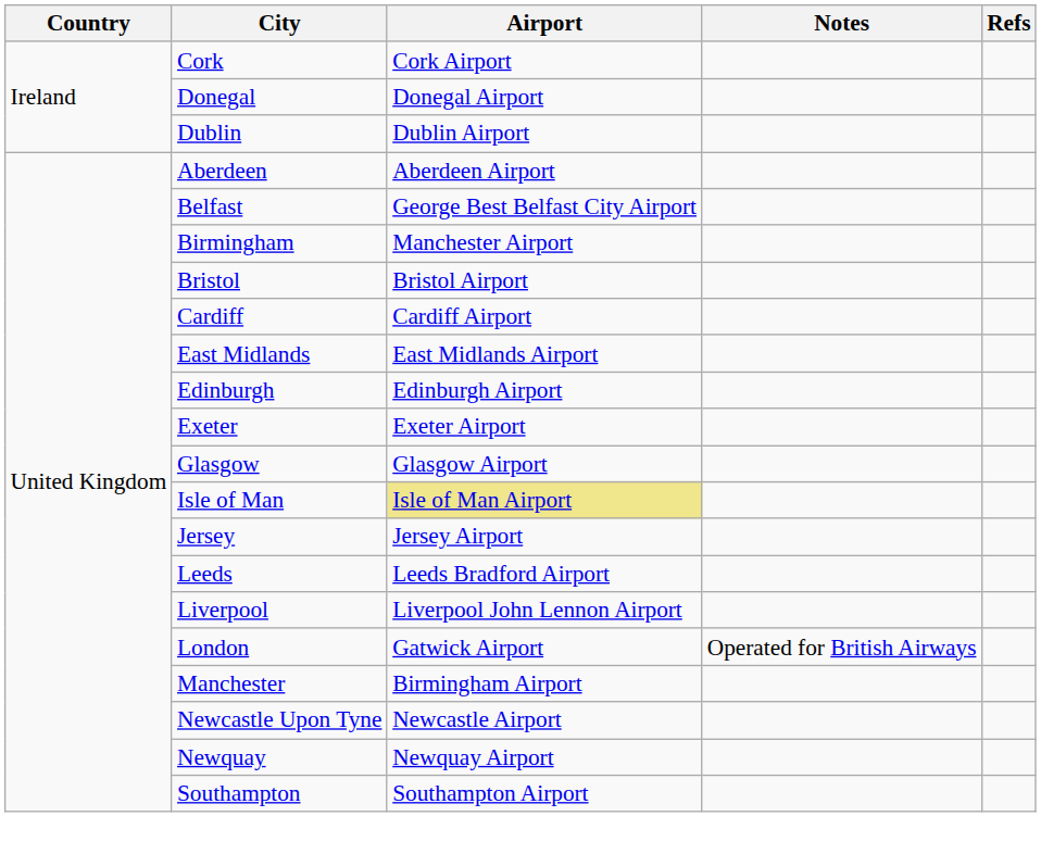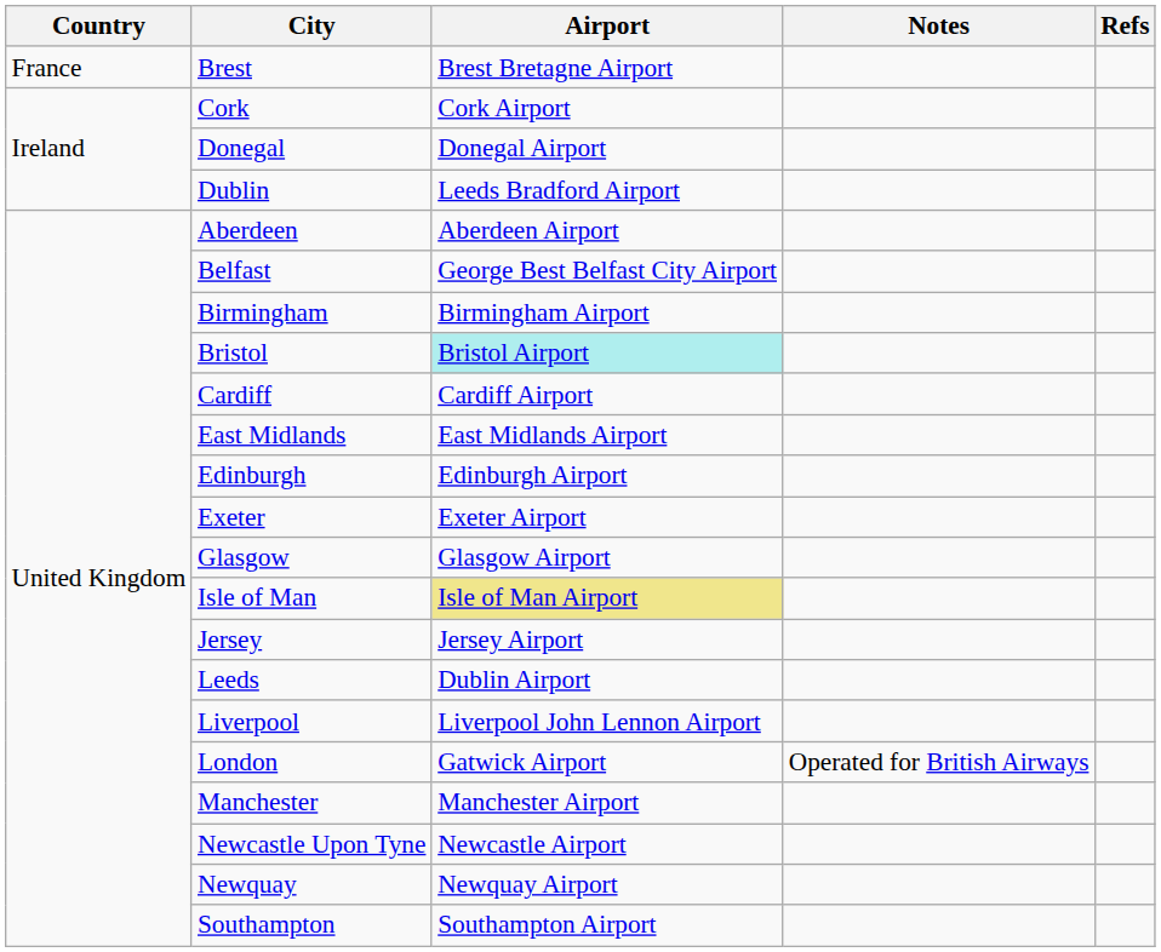 <table class="wikitable sortable">
 <tr>
 <th>Country</th>
 <th>City</th>
 <th>Airport</th>
 <th>Notes</th>
 <th class="unsortable">Refs</th>
+</tr>
+<tr>
+<td rowspan="1">France</td>
+<td><a href='#'>Brest</a></td>
+<td><a href='#'>Brest Bretagne Airport</a></td>
+<td></td>
+<td align=center></td>
 </tr>
 <tr>
 <td rowspan="3">Ireland</td>
 <td><a href='#'>Cork</a></td>
 <td><a href='#'>Cork Airport</a></td>
 <td></td>
 <td align=center></td>
 </tr>
 <tr>
 <td><a href='#'>Donegal</a></td>
 <td><a href='#'>Donegal Airport</a></td>
 <td></td>
 <td align=center></td>
 </tr>
 <tr>
 <td><a href='#'>Dublin</a></td>
-<td><a href='#'>Dublin Airport</a></td>
+<td><a href='#'>Leeds Bradford Airport</a></td>
 <td></td>
 <td align=center></td>
 </tr>
 <tr>
 <td rowspan="18">United Kingdom</td>
 <td><a href='#'>Aberdeen</a></td>
 <td><a href='#'>Aberdeen Airport</a></td>
 <td></td>
 <td align=center></td>
 </tr>
 <tr>
 <td><a href='#'>Belfast</a></td>
 <td><a href='#'>George Best Belfast City Airport</a></td>
 <td></td>
 <td align=center></td>
 </tr>
 <tr>
 <td><a href='#'>Birmingham</a></td>
-<td><a href='#'>Manchester Airport</a></td>
+<td><a href='#'>Birmingham Airport</a></td>
 <td></td>
 <td align=center></td>
 </tr>
 <tr>
 <td><a href='#'>Bristol</a></td>
-<td><a href='#'>Bristol Airport</a></td>
+<td style="background: paleturquoise;"><a href='#'>Bristol Airport</a></td>
 <td></td>
 <td align=center></td>
 </tr>
 <tr>
 <td><a href='#'>Cardiff</a></td>
 <td><a href='#'>Cardiff Airport</a></td>
 <td></td>
 <td align=center></td>
 </tr>
 <tr>
 <td><a href='#'>East Midlands</a></td>
 <td><a href='#'>East Midlands Airport</a></td>
 <td></td>
 <td align=center></td>
 </tr>
 <tr>
 <td><a href='#'>Edinburgh</a></td>
 <td><a href='#'>Edinburgh Airport</a></td>
 <td></td>
 <td align=center></td>
 </tr>
 <tr>
 <td><a href='#'>Exeter</a></td>
 <td><a href='#'>Exeter Airport</a></td>
 <td></td>
 <td align="center"></td>
 </tr>
 <tr>
 <td><a href='#'>Glasgow</a></td>
 <td><a href='#'>Glasgow Airport</a></td>
 <td></td>
 <td align=center></td>
 </tr>
 <tr>
 <td><a href='#'>Isle of Man</a></td>
 <td style="background: khaki;"><a href='#'>Isle of Man Airport</a></td>
 <td></td>
 <td align=center></td>
 </tr>
 <tr>
 <td><a href='#'>Jersey</a></td>
 <td><a href='#'>Jersey Airport</a></td>
 <td></td>
 <td align=center></td>
 </tr>
 <tr>
 <td><a href='#'>Leeds</a></td>
-<td><a href='#'>Leeds Bradford Airport</a></td>
+<td><a href='#'>Dublin Airport</a></td>
 <td></td>
 <td align="center"></td>
 </tr>
 <tr>
 <td><a href='#'>Liverpool</a></td>
 <td><a href='#'>Liverpool John Lennon Airport</a></td>
 <td></td>
 <td align="center"></td>
 </tr>
 <tr>
 <td><a href='#'>London</a></td>
 <td><a href='#'>Gatwick Airport</a></td>
 <td>Operated for <a href='#'>British Airways</a></td>
 <td align="center"></td>
 </tr>
 <tr>
 <td><a href='#'>Manchester</a></td>
-<td><a href='#'>Birmingham Airport</a></td>
+<td><a href='#'>Manchester Airport</a></td>
 <td></td>
 <td align="center"></td>
 </tr>
 <tr>
 <td><a href='#'>Newcastle Upon Tyne</a></td>
 <td><a href='#'>Newcastle Airport</a></td>
 <td></td>
 <td align=center></td>
 </tr>
 <tr>
 <td><a href='#'>Newquay</a></td>
 <td><a href='#'>Newquay Airport</a></td>
 <td></td>
 <td align=center></td>
 </tr>
 <tr>
 <td><a href='#'>Southampton</a></td>
 <td><a href='#'>Southampton Airport</a></td>
 <td></td>
 <td align=center></td>
 </tr>
 </table>
